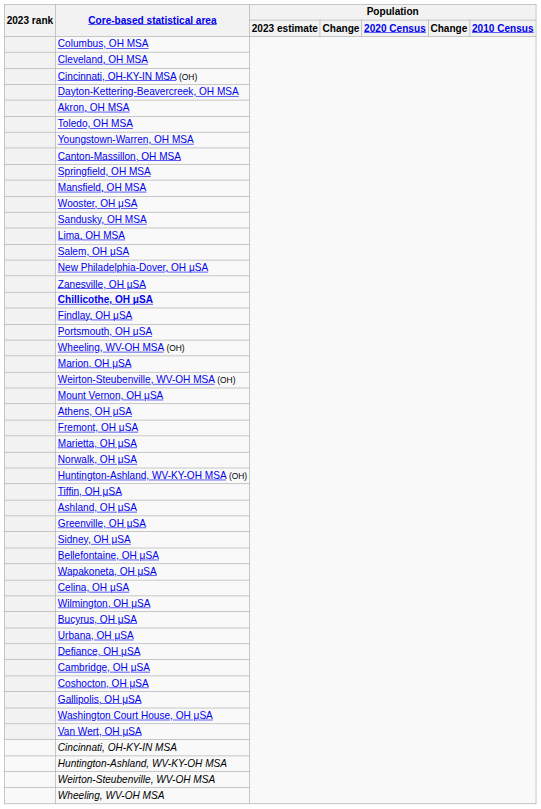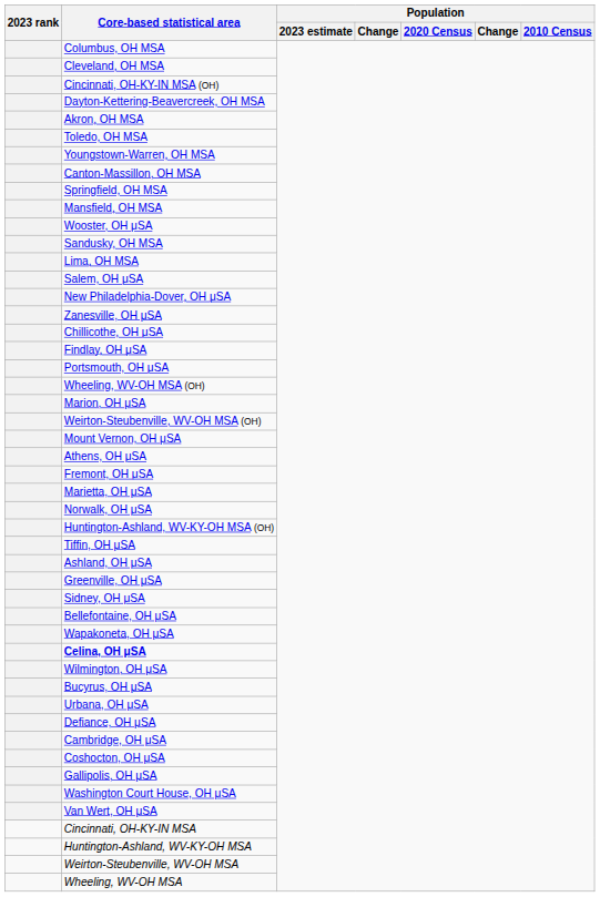 <table class="wikitable sortable">
 <tr>
 <th scope=col rowspan=2>2023 rank</th>
 <th scope=col rowspan=2><a href='#'>Core-based statistical area</a></th>
 <th colspan=5>Population</th>
 </tr>
 <tr>
 <th scope=col>2023 estimate</th>
 <th scope=col>Change</th>
 <th scope=col><a href='#'>2020 Census</a></th>
 <th scope=col>Change</th>
 <th scope=col><a href='#'>2010 Census</a></th>
 </tr>
 <tr>
 <th scope=row></th>
 <td><a href='#'>Columbus, OH MSA</a><br></td>
 </tr>
 <tr>
 <th scope=row></th>
 <td><a href='#'>Cleveland, OH MSA</a><br></td>
 </tr>
 <tr>
 <th scope=row></th>
 <td><a href='#'>Cincinnati, OH-KY-IN MSA</a> <small>(OH)</small><br></td>
 </tr>
 <tr>
 <th scope=row></th>
 <td><a href='#'>Dayton-Kettering-Beavercreek, OH MSA</a><br></td>
 </tr>
 <tr>
 <th scope=row></th>
 <td><a href='#'>Akron, OH MSA</a><br></td>
 </tr>
 <tr>
 <th scope=row></th>
 <td><a href='#'>Toledo, OH MSA</a><br></td>
 </tr>
 <tr>
 <th scope=row></th>
 <td><a href='#'>Youngstown-Warren, OH MSA</a><br></td>
 </tr>
 <tr>
 <th scope=row></th>
 <td><a href='#'>Canton-Massillon, OH MSA</a><br></td>
 </tr>
 <tr>
 <th scope=row></th>
 <td><a href='#'>Springfield, OH MSA</a><br></td>
 </tr>
 <tr>
 <th scope=row></th>
 <td><a href='#'>Mansfield, OH MSA</a><br></td>
 </tr>
 <tr>
 <th scope=row></th>
 <td><a href='#'>Wooster, OH μSA</a><br></td>
 </tr>
 <tr>
 <th scope=row></th>
 <td><a href='#'>Sandusky, OH MSA</a><br></td>
 </tr>
 <tr>
 <th scope=row></th>
 <td><a href='#'>Lima, OH MSA</a><br></td>
 </tr>
 <tr>
 <th scope=row></th>
 <td><a href='#'>Salem, OH μSA</a><br></td>
 </tr>
 <tr>
 <th scope=row></th>
 <td><a href='#'>New Philadelphia-Dover, OH μSA</a><br></td>
 </tr>
 <tr>
 <th scope=row></th>
 <td><a href='#'>Zanesville, OH μSA</a><br></td>
 </tr>
 <tr>
 <th scope=row></th>
-<td><strong><a href='#'>Chillicothe, OH μSA</a><br></strong></td>
+<td><a href='#'>Chillicothe, OH μSA</a><br></td>
 </tr>
 <tr>
 <th scope=row></th>
 <td><a href='#'>Findlay, OH μSA</a><br></td>
 </tr>
 <tr>
 <th scope=row></th>
 <td><a href='#'>Portsmouth, OH μSA</a><br></td>
 </tr>
 <tr>
 <th scope=row></th>
 <td><a href='#'>Wheeling, WV-OH MSA</a> <small>(OH)</small><br></td>
 </tr>
 <tr>
 <th scope=row></th>
 <td><a href='#'>Marion, OH μSA</a><br></td>
 </tr>
 <tr>
 <th scope=row></th>
 <td><a href='#'>Weirton-Steubenville, WV-OH MSA</a> <small>(OH)</small><br></td>
 </tr>
 <tr>
 <th scope=row></th>
 <td><a href='#'>Mount Vernon, OH μSA</a><br></td>
 </tr>
 <tr>
 <th scope=row></th>
 <td><a href='#'>Athens, OH μSA</a><br></td>
 </tr>
 <tr>
 <th scope=row></th>
 <td><a href='#'>Fremont, OH μSA</a><br></td>
 </tr>
 <tr>
 <th scope=row></th>
 <td><a href='#'>Marietta, OH μSA</a><br></td>
 </tr>
 <tr>
 <th scope=row></th>
 <td><a href='#'>Norwalk, OH μSA</a><br></td>
 </tr>
 <tr>
 <th scope=row></th>
 <td><a href='#'>Huntington-Ashland, WV-KY-OH MSA</a> <small>(OH)</small><br></td>
 </tr>
 <tr>
 <th scope=row></th>
 <td><a href='#'>Tiffin, OH μSA</a><br></td>
 </tr>
 <tr>
 <th scope=row></th>
 <td><a href='#'>Ashland, OH μSA</a><br></td>
 </tr>
 <tr>
 <th scope=row></th>
 <td><a href='#'>Greenville, OH μSA</a><br></td>
 </tr>
 <tr>
 <th scope=row></th>
 <td><a href='#'>Sidney, OH μSA</a><br></td>
 </tr>
 <tr>
 <th scope=row></th>
 <td><a href='#'>Bellefontaine, OH μSA</a><br></td>
 </tr>
 <tr>
 <th scope=row></th>
 <td><a href='#'>Wapakoneta, OH μSA</a><br></td>
 </tr>
 <tr>
 <th scope=row></th>
-<td><a href='#'>Celina, OH μSA</a><br></td>
+<td><strong><a href='#'>Celina, OH μSA</a><br></strong></td>
 </tr>
 <tr>
 <th scope=row></th>
 <td><a href='#'>Wilmington, OH μSA</a><br></td>
 </tr>
 <tr>
 <th scope=row></th>
 <td><a href='#'>Bucyrus, OH μSA</a><br></td>
 </tr>
 <tr>
 <th scope=row></th>
 <td><a href='#'>Urbana, OH μSA</a><br></td>
 </tr>
 <tr>
 <th scope=row></th>
 <td><a href='#'>Defiance, OH μSA</a><br></td>
 </tr>
 <tr>
 <th scope=row></th>
 <td><a href='#'>Cambridge, OH μSA</a><br></td>
 </tr>
 <tr>
 <th scope=row></th>
 <td><a href='#'>Coshocton, OH μSA</a><br></td>
 </tr>
 <tr>
 <th scope=row></th>
 <td><a href='#'>Gallipolis, OH μSA</a><br></td>
 </tr>
 <tr>
 <th scope=row></th>
 <td><a href='#'>Washington Court House, OH μSA</a><br></td>
 </tr>
 <tr>
 <th scope=row></th>
 <td><a href='#'>Van Wert, OH μSA</a><br></td>
 </tr>
 <tr>
 <td></td>
 <td><em><span>Cincinnati, OH-KY-IN MSA</span></em><br></td>
 </tr>
 <tr>
 <td></td>
 <td><em><span>Huntington-Ashland, WV-KY-OH MSA</span></em><br></td>
 </tr>
 <tr>
 <td></td>
 <td><em><span>Weirton-Steubenville, WV-OH MSA</span></em><br></td>
 </tr>
 <tr>
 <td></td>
 <td><em><span>Wheeling, WV-OH MSA</span></em><br></td>
 </tr>
 </table>
